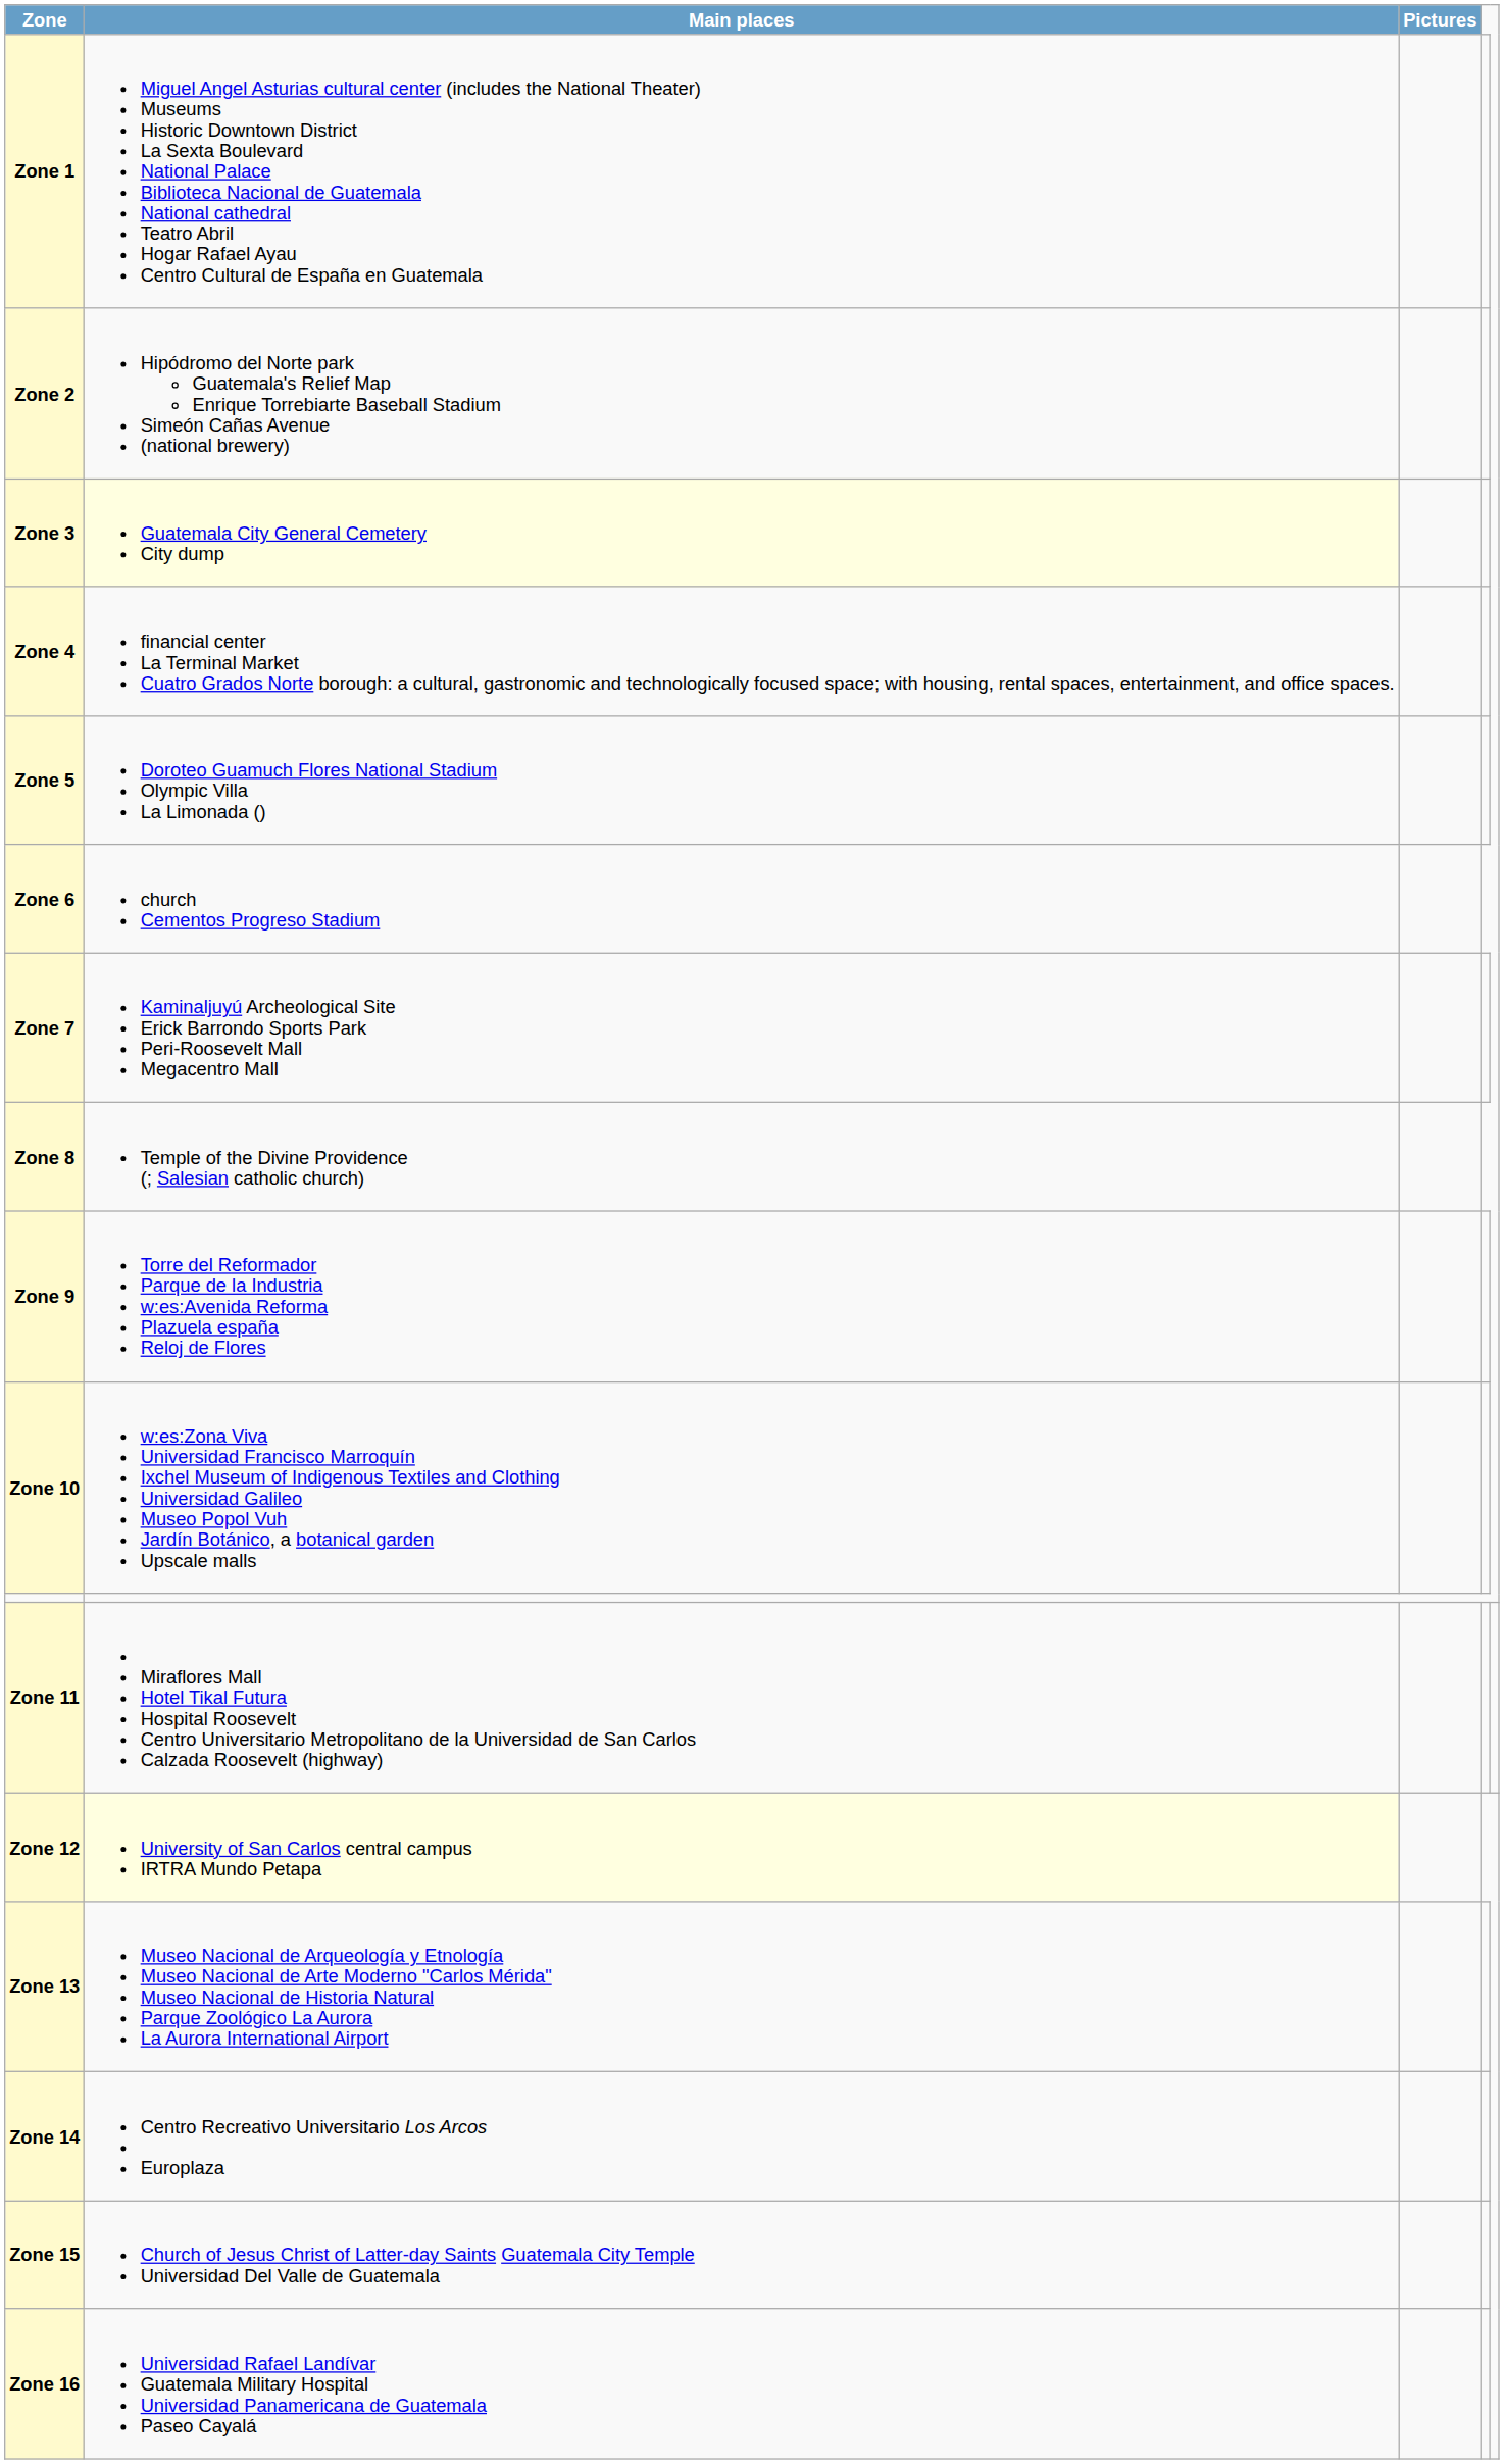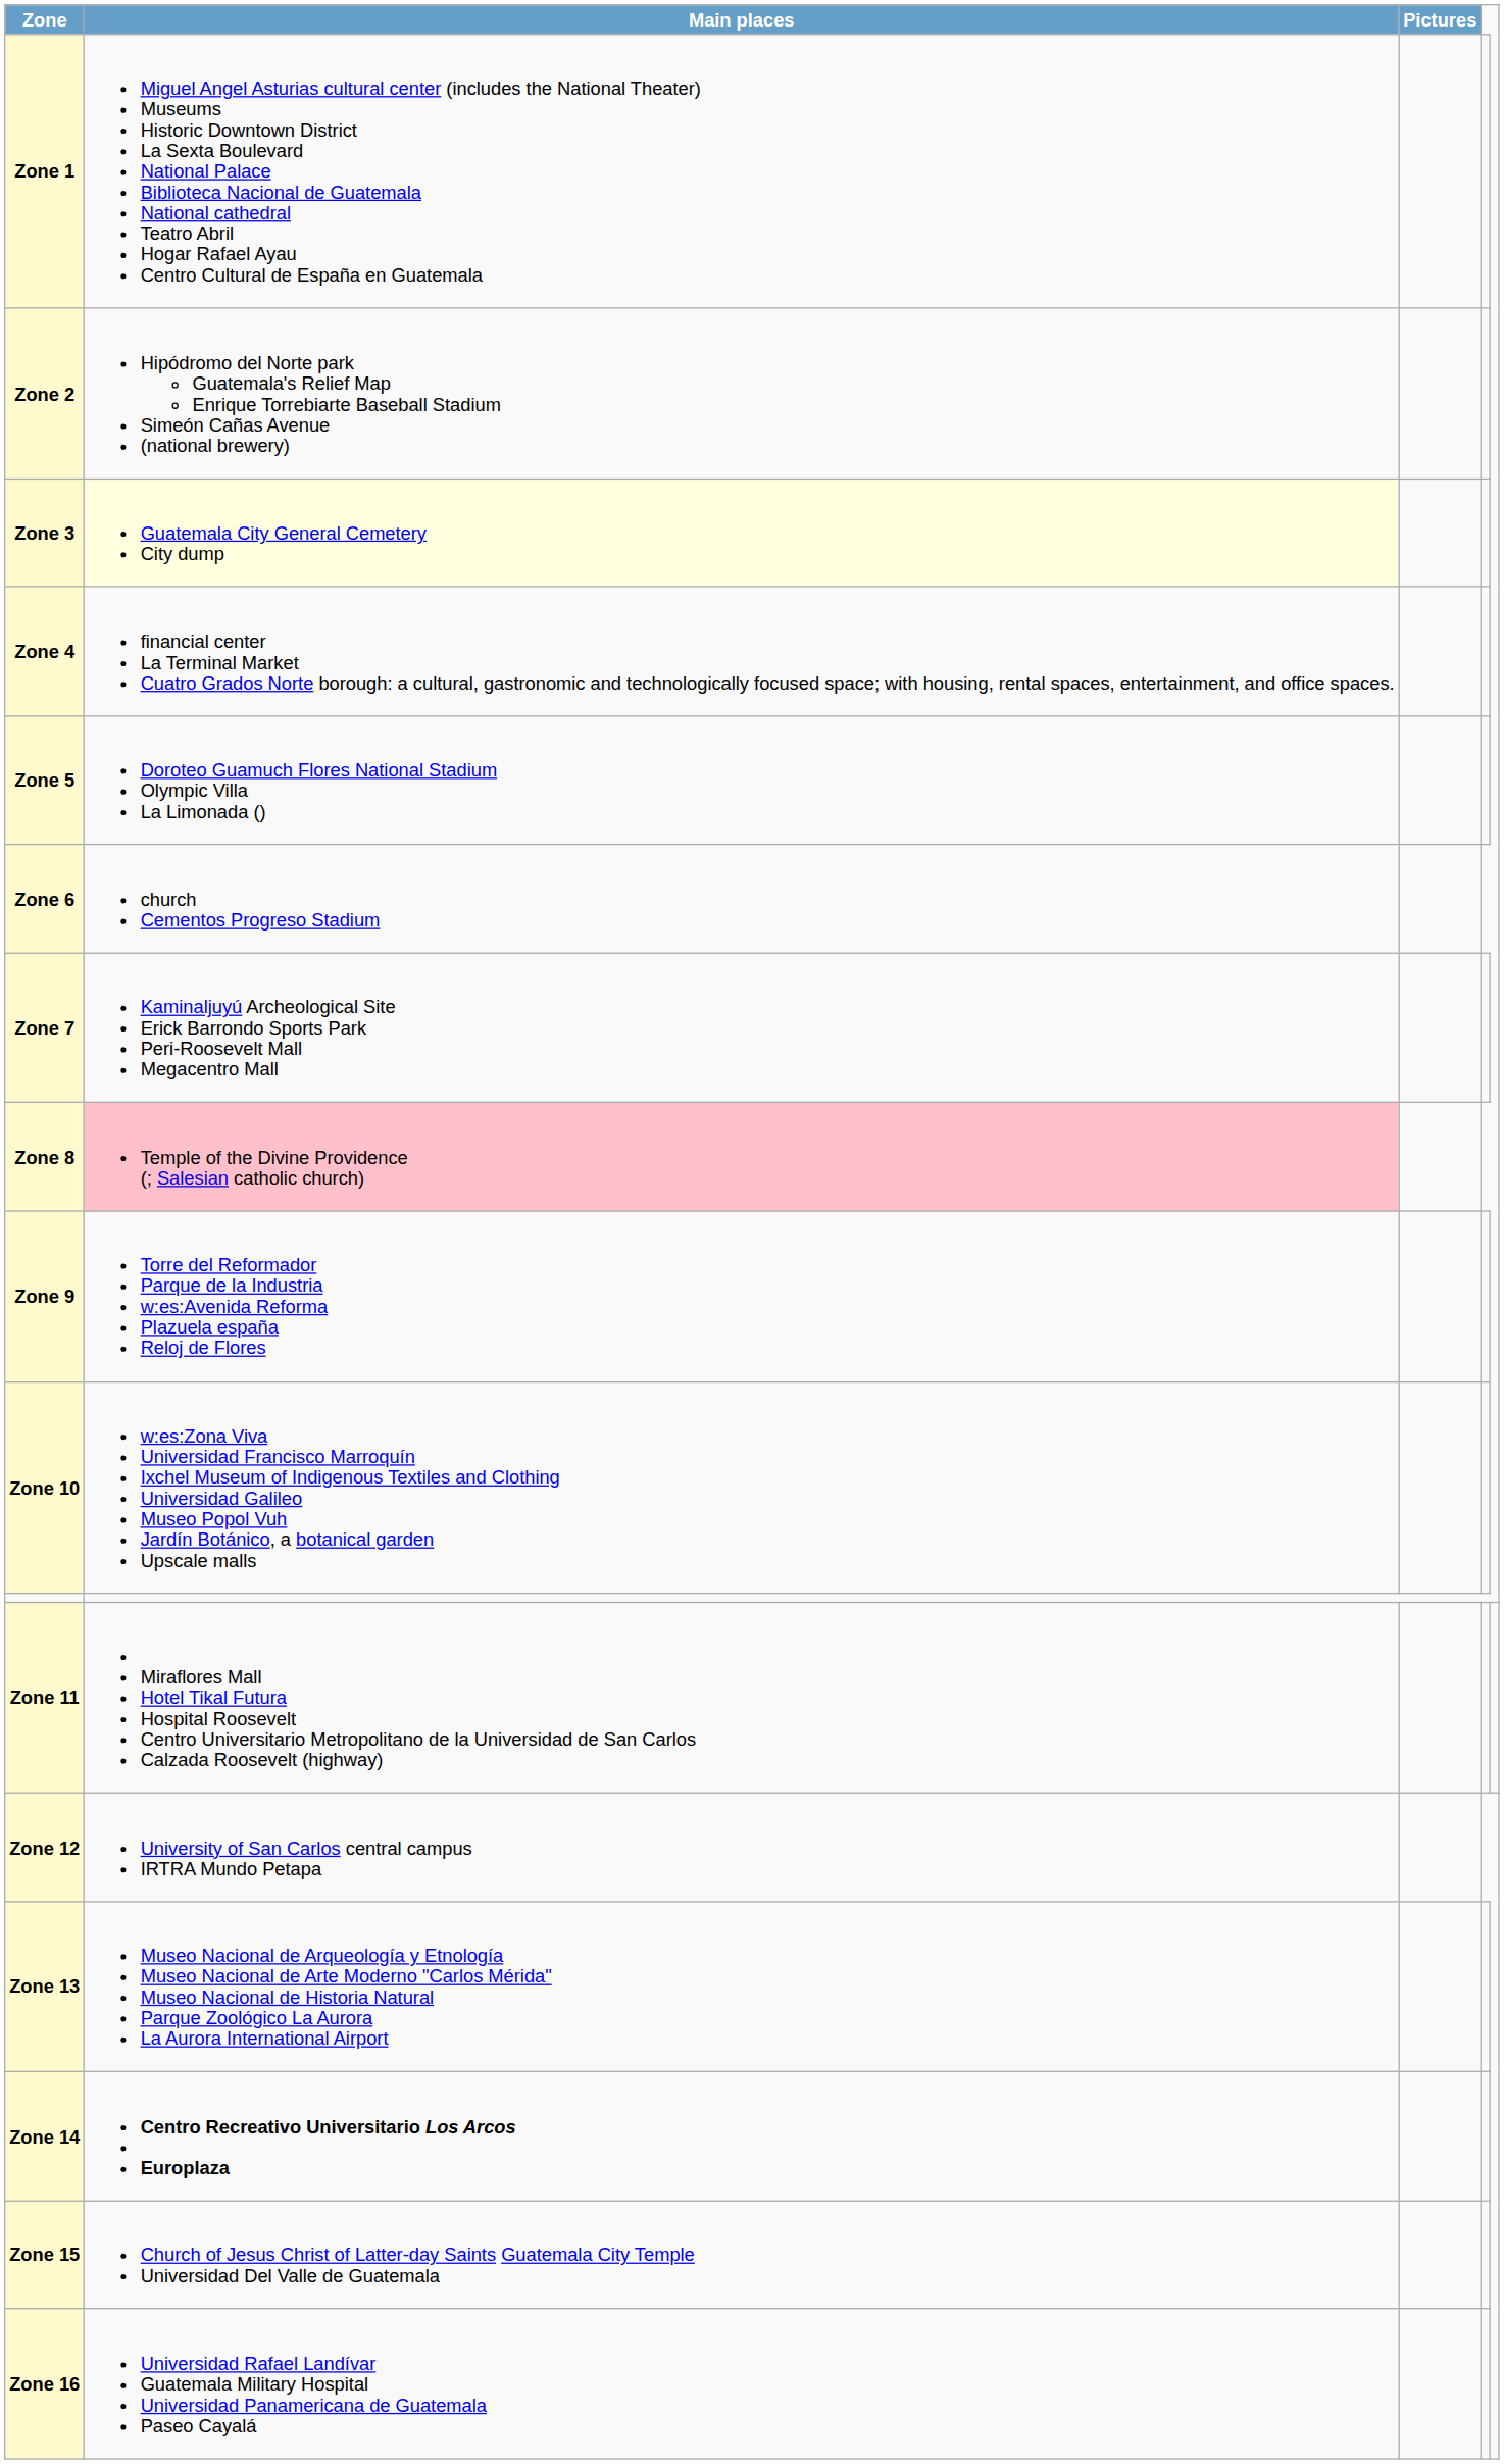 <table class="wikitable" style="margin: 1em auto; font-size:0.9em;">
 <tr style="color:white;">
 <th style="background:#659ec7; width=10%;">Zone</th>
 <th style="background:#659ec7; width=30%;">Main places</th>
 <th style="background:#659ec7; width=60%;">Pictures</th>
 </tr>
 <tr>
 <th style="background:lemonchiffon;">Zone 1</th>
 <td><br><ul><li><a href='#'>Miguel Angel Asturias cultural center</a> (includes the National Theater)</li><li>Museums</li><li>Historic Downtown District</li><li>La Sexta Boulevard</li><li><a href='#'>National Palace</a></li><li><a href='#'>Biblioteca Nacional de Guatemala</a></li><li><a href='#'>National cathedral</a></li><li>Teatro Abril</li><li>Hogar Rafael Ayau</li><li>Centro Cultural de España en Guatemala</li></ul></td>
 <td></td>
 <td></td>
 </tr>
 <tr>
 <th style="background:lemonchiffon;">Zone 2</th>
 <td><br><ul><li>Hipódromo del Norte park<ul><li>Guatemala's Relief Map</li><li>Enrique Torrebiarte Baseball Stadium</li></ul></li><li>Simeón Cañas Avenue</li><li> (national brewery)</li></ul></td>
 <td></td>
 <td></td>
 </tr>
 <tr>
 <th style="background:lemonchiffon;">Zone 3</th>
 <td style="background: lightyellow;"><br><ul><li><a href='#'>Guatemala City General Cemetery</a></li><li>City dump</li></ul></td>
 <td></td>
 <td></td>
 </tr>
 <tr>
 <th style="background:lemonchiffon;">Zone 4</th>
 <td><br><ul><li> financial center</li><li>La Terminal Market</li><li><a href='#'>Cuatro Grados Norte</a> borough: a cultural, gastronomic and technologically focused space; with housing, rental spaces, entertainment, and office spaces.</li></ul></td>
 <td></td>
 <td></td>
 </tr>
 <tr>
 <th style="background:lemonchiffon;">Zone 5</th>
 <td><br><ul><li><a href='#'>Doroteo Guamuch Flores National Stadium</a></li><li>Olympic Villa</li><li>La Limonada ()</li></ul></td>
 <td></td>
 <td></td>
 </tr>
 <tr>
 <th style="background:lemonchiffon;">Zone 6</th>
 <td><br><ul><li> church</li><li><a href='#'>Cementos Progreso Stadium</a></li></ul></td>
 <td></td>
 </tr>
 <tr>
 <th style="background:lemonchiffon;">Zone 7</th>
 <td><br><ul><li><a href='#'>Kaminaljuyú</a> Archeological Site</li><li>Erick Barrondo Sports Park</li><li>Peri-Roosevelt Mall</li><li>Megacentro Mall</li></ul></td>
 <td></td>
 <td></td>
 </tr>
 <tr>
 <th style="background:lemonchiffon;">Zone 8</th>
-<td><br><ul><li>Temple of the Divine Providence<br>(; <a href='#'>Salesian</a> catholic church)</li></ul></td>
+<td style="background: pink;"><br><ul><li>Temple of the Divine Providence<br>(; <a href='#'>Salesian</a> catholic church)</li></ul></td>
 <td></td>
 </tr>
 <tr>
 <th style="background:lemonchiffon;">Zone 9</th>
 <td><br><ul><li><a href='#'>Torre del Reformador</a></li><li><a href='#'>Parque de la Industria</a></li><li><a href='#'>w:es:Avenida Reforma</a></li><li><a href='#'>Plazuela españa</a></li><li><a href='#'>Reloj de Flores</a></li></ul></td>
 <td></td>
 <td></td>
 </tr>
 <tr>
 <th style="background:lemonchiffon;">Zone 10</th>
 <td><br><ul><li><a href='#'>w:es:Zona Viva</a></li><li><a href='#'>Universidad Francisco Marroquín</a></li><li><a href='#'>Ixchel Museum of Indigenous Textiles and Clothing</a></li><li><a href='#'>Universidad Galileo</a></li><li><a href='#'>Museo Popol Vuh</a></li><li><a href='#'>Jardín Botánico</a>, a <a href='#'>botanical garden</a></li><li>Upscale malls</li></ul></td>
 <td></td>
 <td></td>
 </tr>
 <tr>
 <td></td>
 </tr>
 <tr>
 <th style="background:lemonchiffon;">Zone 11</th>
 <td><br><ul><li></li><li>Miraflores Mall</li><li><a href='#'>Hotel Tikal Futura</a></li><li>Hospital Roosevelt</li><li>Centro Universitario Metropolitano de la Universidad de San Carlos</li><li>Calzada Roosevelt (highway)</li></ul></td>
 <td></td>
 <td></td>
 <td></td>
 </tr>
 <tr>
 <th style="background:lemonchiffon;">Zone 12</th>
-<td style="background: lightyellow;"><br><ul><li><a href='#'>University of San Carlos</a> central campus</li><li>IRTRA Mundo Petapa</li></ul></td>
+<td><br><ul><li><a href='#'>University of San Carlos</a> central campus</li><li>IRTRA Mundo Petapa</li></ul></td>
 <td></td>
 </tr>
 <tr>
 <th style="background:lemonchiffon;">Zone 13</th>
 <td><br><ul><li><a href='#'>Museo Nacional de Arqueología y Etnología</a></li><li><a href='#'>Museo Nacional de Arte Moderno "Carlos Mérida"</a></li><li><a href='#'>Museo Nacional de Historia Natural</a></li><li><a href='#'>Parque Zoológico La Aurora</a></li><li><a href='#'>La Aurora International Airport</a></li></ul></td>
 <td></td>
 <td></td>
 </tr>
 <tr>
 <th style="background:lemonchiffon;">Zone 14</th>
-<td><br><ul><li>Centro Recreativo Universitario <em>Los Arcos</em></li><li></li><li>Europlaza</li></ul></td>
+<td><strong><br><ul><li>Centro Recreativo Universitario <em>Los Arcos</em></li><li></li><li>Europlaza</li></ul></strong></td>
 <td></td>
 <td></td>
 </tr>
 <tr>
 <th style="background:lemonchiffon;">Zone 15</th>
 <td><br><ul><li><a href='#'>Church of Jesus Christ of Latter-day Saints</a> <a href='#'>Guatemala City Temple</a></li><li>Universidad Del Valle de Guatemala</li></ul></td>
 <td></td>
 <td></td>
 </tr>
 <tr>
 <th style="background:lemonchiffon;">Zone 16</th>
 <td><br><ul><li><a href='#'>Universidad Rafael Landívar</a></li><li>Guatemala Military Hospital</li><li><a href='#'>Universidad Panamericana de Guatemala</a></li><li>Paseo Cayalá</li></ul></td>
 <td></td>
 <td></td>
 </tr>
 </table>
